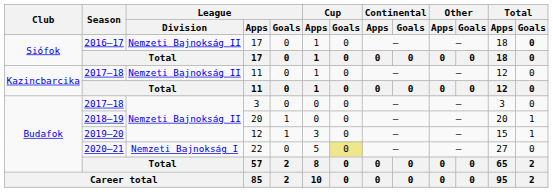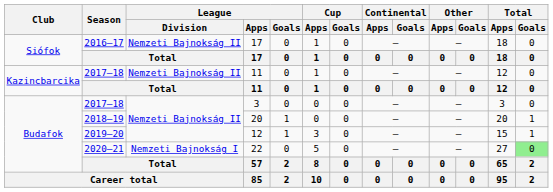 <table class="wikitable" style="text-align:center">
 <tr>
 <th rowspan="2">Club</th>
 <th rowspan="2">Season</th>
 <th colspan="3">League</th>
 <th colspan="2">Cup</th>
 <th colspan="2">Continental</th>
 <th colspan="2">Other</th>
 <th colspan="2">Total</th>
 </tr>
 <tr>
 <th>Division</th>
 <th>Apps</th>
 <th>Goals</th>
 <th>Apps</th>
 <th>Goals</th>
 <th>Apps</th>
 <th>Goals</th>
 <th>Apps</th>
 <th>Goals</th>
 <th>Apps</th>
 <th>Goals</th>
 </tr>
 <tr>
 <td rowspan="2"><a href='#'>Siófok</a></td>
 <td><a href='#'>2016–17</a></td>
 <td><a href='#'>Nemzeti Bajnokság II</a></td>
 <td>17</td>
 <td>0</td>
 <td>1</td>
 <td>0</td>
 <td colspan="2">—</td>
 <td colspan="2">—</td>
 <td>18</td>
-<td><strong>0</strong></td>
+<td>0</td>
 </tr>
 <tr>
 <th colspan="2">Total</th>
 <th>17</th>
 <th>0</th>
 <th>1</th>
 <th>0</th>
 <th>0</th>
 <th>0</th>
 <th>0</th>
 <th>0</th>
 <th>18</th>
 <th>0</th>
 </tr>
 <tr>
 <td rowspan="2"><a href='#'>Kazincbarcika</a></td>
 <td><a href='#'>2017–18</a></td>
 <td><a href='#'>Nemzeti Bajnokság II</a></td>
 <td>11</td>
 <td>0</td>
 <td>1</td>
 <td>0</td>
 <td colspan="2">—</td>
 <td colspan="2">—</td>
 <td>12</td>
 <td>0</td>
 </tr>
 <tr>
 <th colspan="2">Total</th>
 <th>11</th>
 <th>0</th>
 <th>1</th>
 <th>0</th>
 <th>0</th>
 <th>0</th>
 <th>0</th>
 <th>0</th>
 <th>12</th>
 <th>0</th>
 </tr>
 <tr>
 <td rowspan="5"><a href='#'>Budafok</a></td>
 <td><a href='#'>2017–18</a></td>
 <td rowspan="3"><a href='#'>Nemzeti Bajnokság II</a></td>
 <td>3</td>
 <td>0</td>
 <td>0</td>
 <td>0</td>
 <td colspan="2">—</td>
 <td colspan="2">—</td>
 <td>3</td>
 <td>0</td>
 </tr>
 <tr>
 <td><a href='#'>2018–19</a></td>
 <td>20</td>
 <td>1</td>
 <td>0</td>
 <td>0</td>
 <td colspan="2">—</td>
 <td colspan="2">—</td>
 <td>20</td>
 <td>1</td>
 </tr>
 <tr>
 <td><a href='#'>2019–20</a></td>
 <td>12</td>
 <td>1</td>
 <td>3</td>
 <td>0</td>
 <td colspan="2">—</td>
 <td colspan="2">—</td>
 <td>15</td>
 <td>1</td>
 </tr>
 <tr>
 <td><a href='#'>2020–21</a></td>
 <td><a href='#'>Nemzeti Bajnokság I</a></td>
 <td>22</td>
 <td>0</td>
 <td>5</td>
-<td style="background: khaki;">0</td>
+<td>0</td>
 <td colspan="2">—</td>
 <td colspan="2">—</td>
 <td>27</td>
-<td>0</td>
+<td style="background: lightgreen;">0</td>
 </tr>
 <tr>
 <th colspan="2">Total</th>
 <th>57</th>
 <th>2</th>
 <th>8</th>
 <th>0</th>
 <th>0</th>
 <th>0</th>
 <th>0</th>
 <th>0</th>
 <th>65</th>
 <th>2</th>
 </tr>
 <tr>
 <th colspan="3">Career total</th>
 <th>85</th>
 <th>2</th>
 <th>10</th>
 <th>0</th>
 <th>0</th>
 <th>0</th>
 <th>0</th>
 <th>0</th>
 <th>95</th>
 <th>2</th>
 </tr>
 </table>
